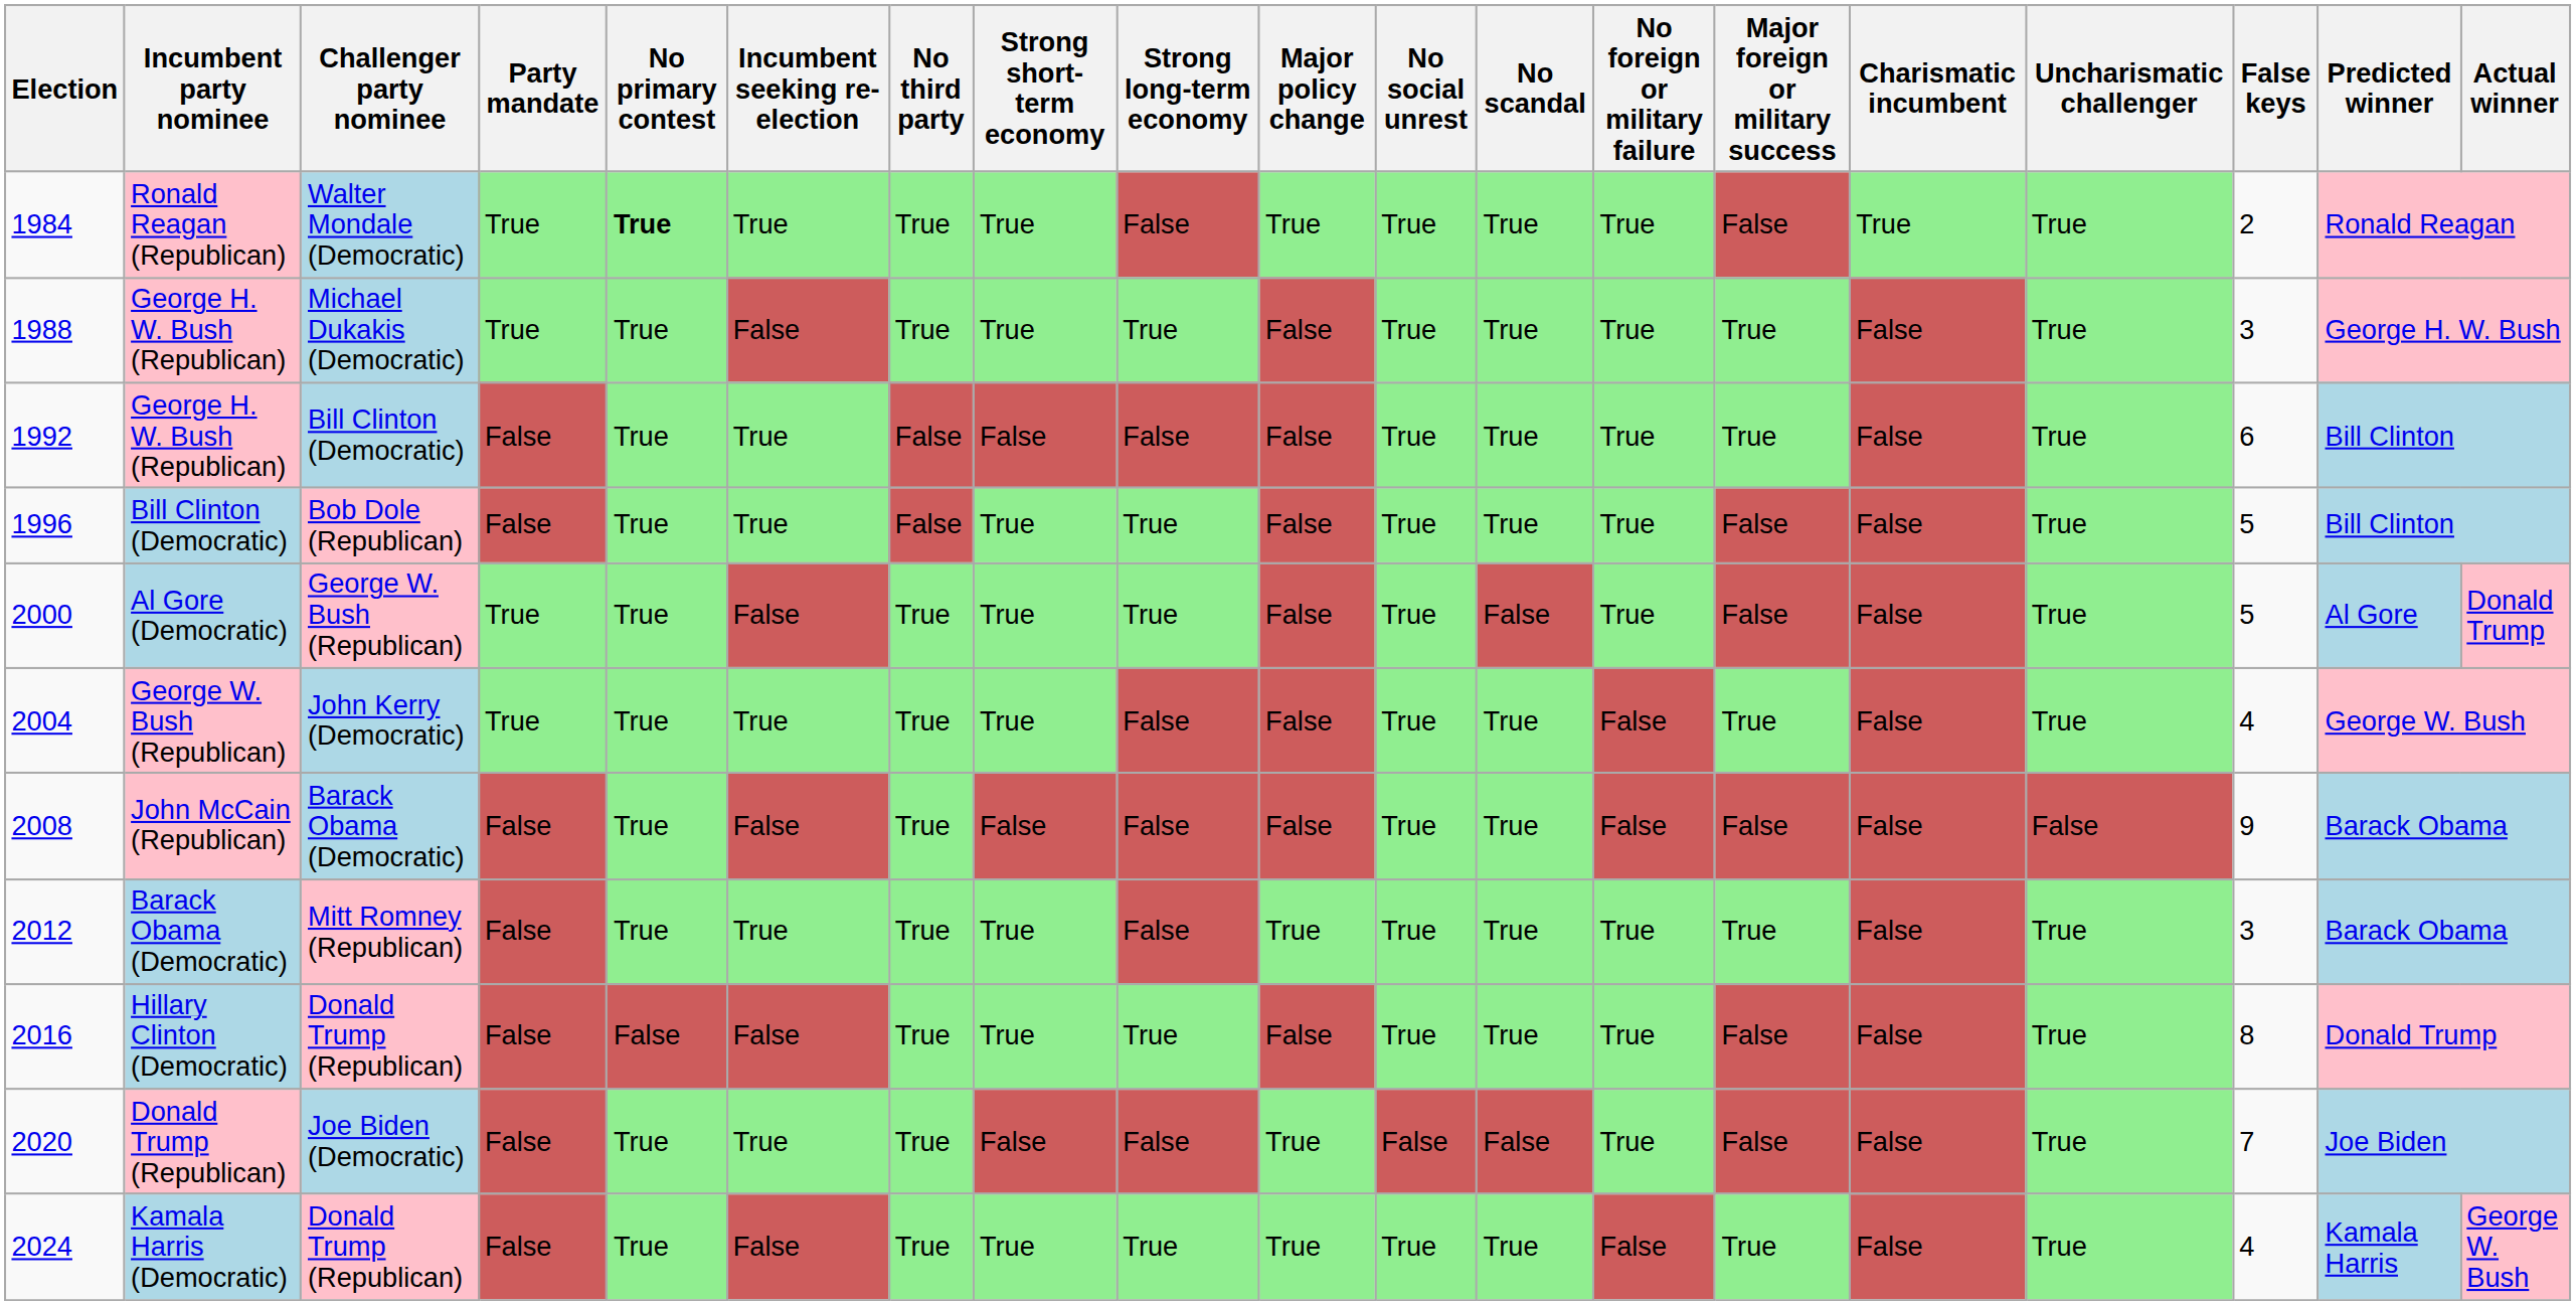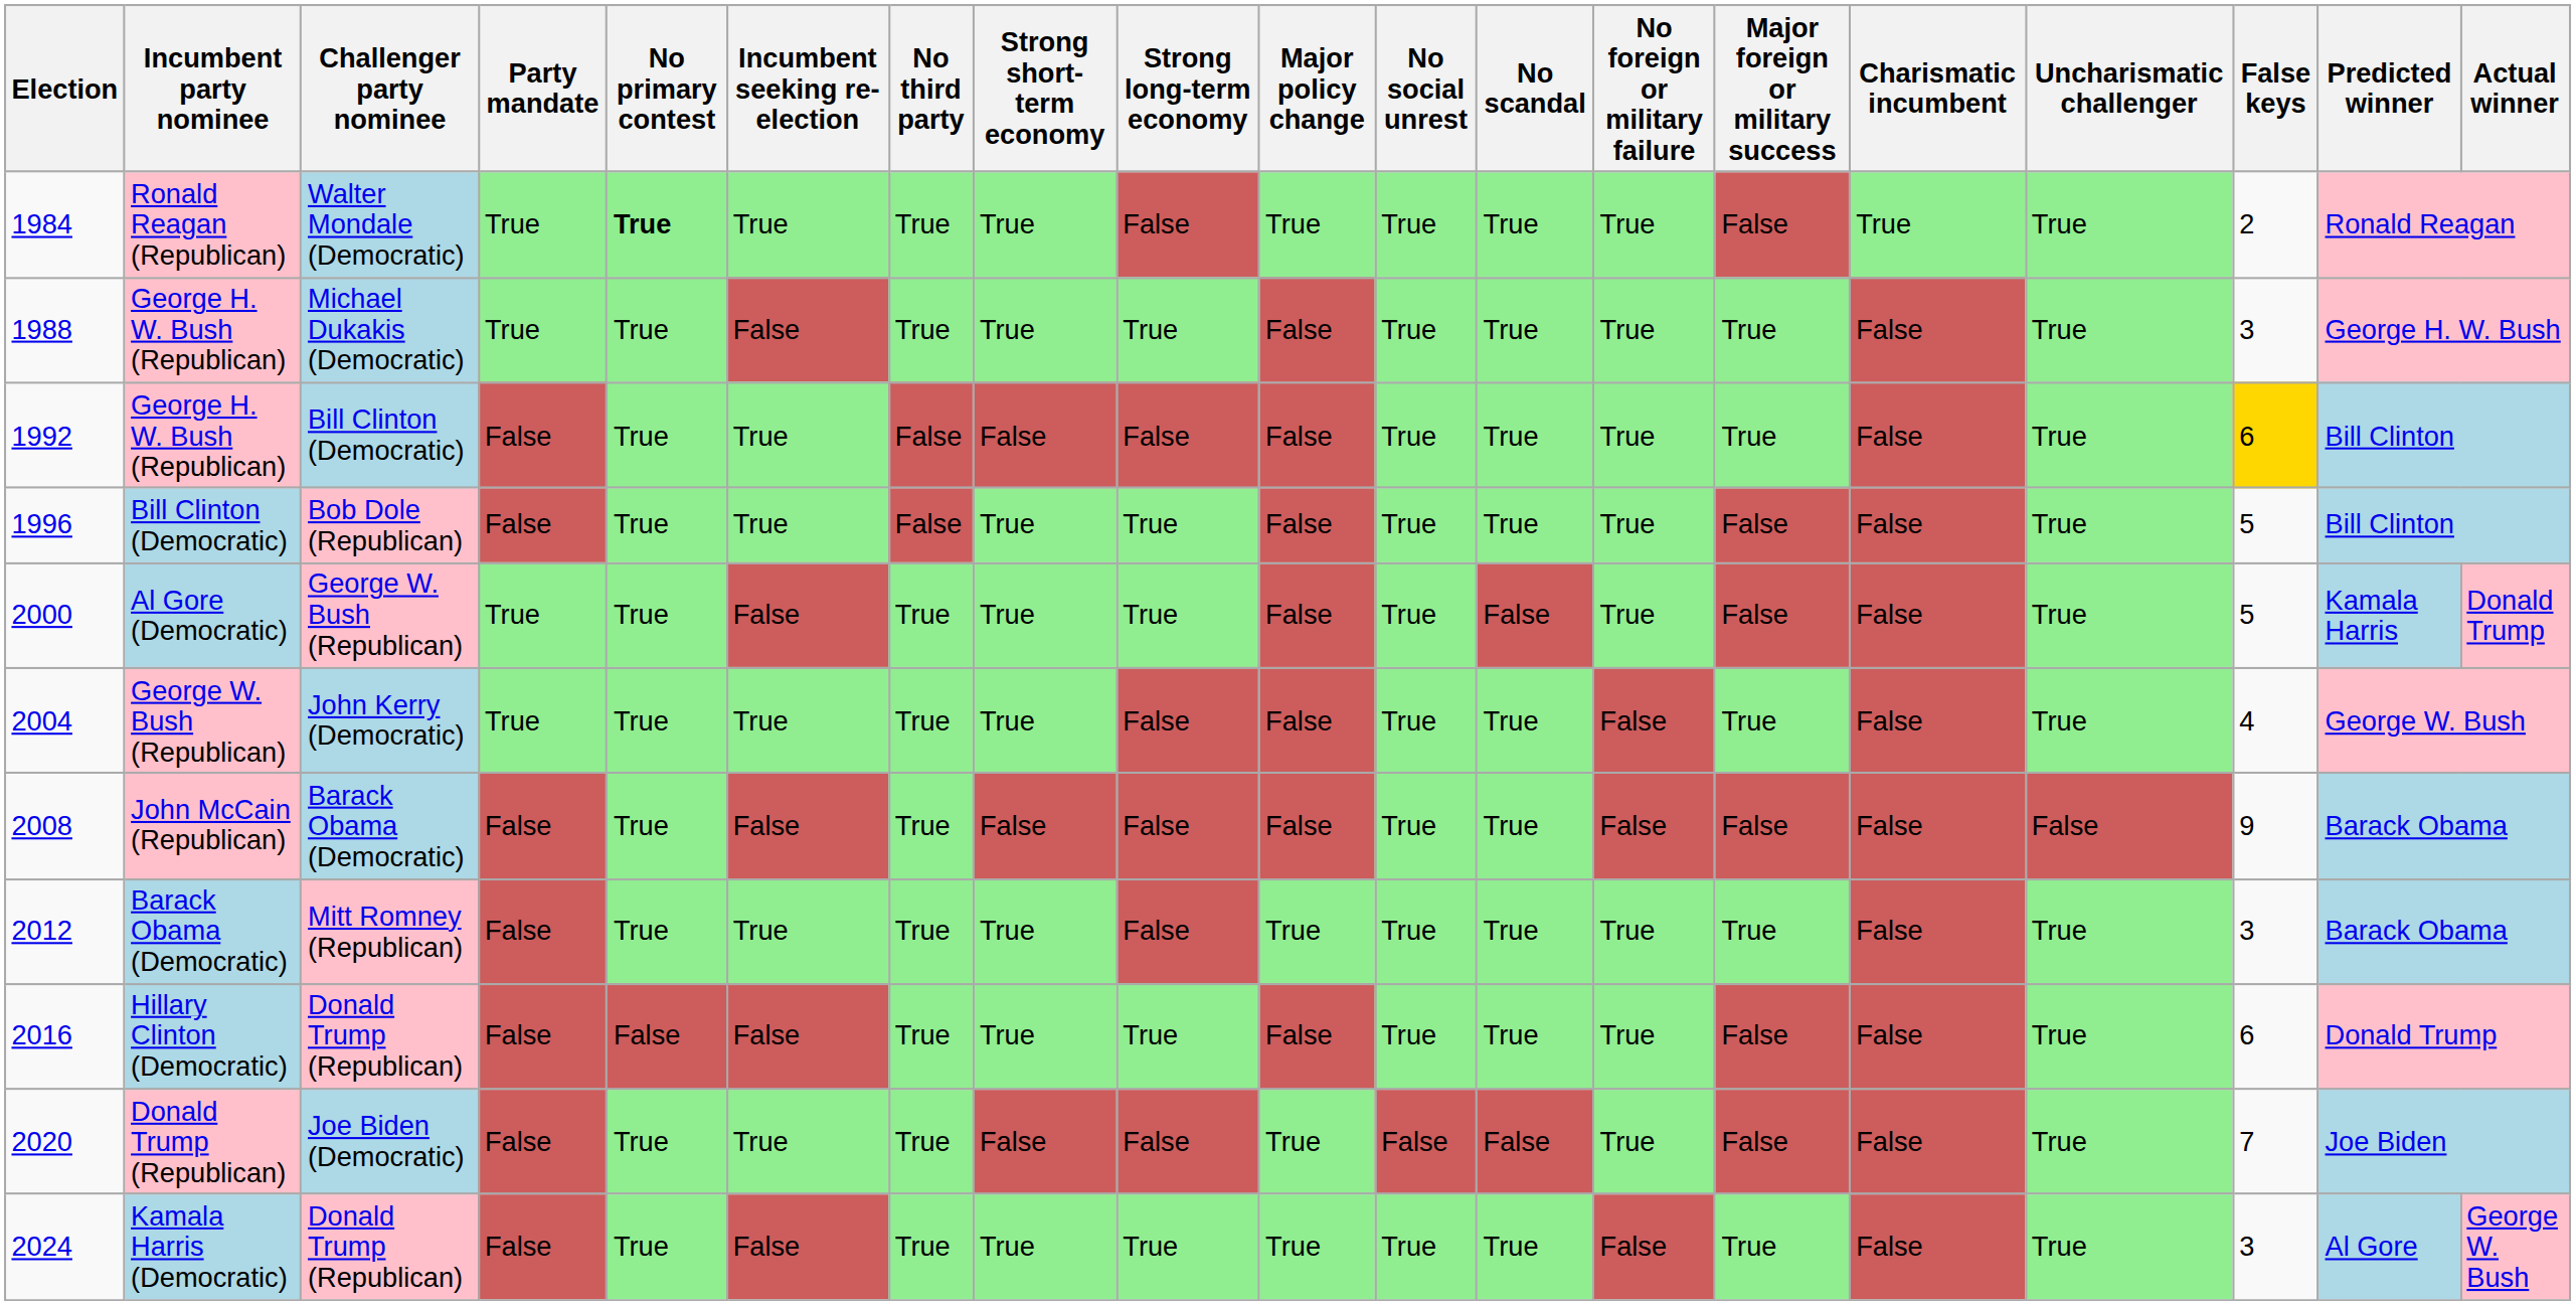 <table class="wikitable sticky-header" ; style="font-size: smaller;">
 <tr>
 <th><strong>Election</strong></th>
 <th>Incumbent party nominee</th>
 <th>Challenger party nominee</th>
 <th>Party mandate</th>
 <th>No primary contest</th>
 <th>Incumbent seeking re-election</th>
 <th>No third party</th>
 <th>Strong short-term economy</th>
 <th>Strong long-term economy</th>
 <th>Major policy change</th>
 <th>No social unrest</th>
 <th>No scandal</th>
 <th>No foreign or military failure</th>
 <th>Major foreign or military success</th>
 <th>Charismatic incumbent</th>
 <th>Uncharismatic challenger</th>
 <th>False keys</th>
 <th>Predicted winner</th>
 <th>Actual winner</th>
 </tr>
 <tr>
 <td><a href='#'>1984</a></td>
 <td style="background:pink;"><a href='#'>Ronald Reagan</a><br>(Republican)</td>
 <td style="background:lightblue;"><a href='#'>Walter Mondale</a><br>(Democratic)</td>
 <td style="background:lightgreen;">True</td>
 <td style="background:lightgreen;"><strong>True</strong></td>
 <td style="background:lightgreen;">True</td>
 <td style="background:lightgreen;">True</td>
 <td style="background:lightgreen;">True</td>
 <td style="background:indianred;">False</td>
 <td style="background:lightgreen;">True</td>
 <td style="background:lightgreen;">True</td>
 <td style="background:lightgreen;">True</td>
 <td style="background:lightgreen;">True</td>
 <td style="background:indianred;">False</td>
 <td style="background:lightgreen;">True</td>
 <td style="background:lightgreen;">True</td>
 <td>2</td>
 <td colspan="2" style="background:pink;"><a href='#'>Ronald Reagan</a></td>
 </tr>
 <tr>
 <td><a href='#'>1988</a></td>
 <td style="background:pink;"><a href='#'>George H. W. Bush</a><br>(Republican)</td>
 <td style="background:lightblue;"><a href='#'>Michael Dukakis</a><br>(Democratic)</td>
 <td style="background:lightgreen;">True</td>
 <td style="background:lightgreen;">True</td>
 <td style="background:indianred;">False</td>
 <td style="background:lightgreen;">True</td>
 <td style="background:lightgreen;">True</td>
 <td style="background:lightgreen;">True</td>
 <td style="background:indianred;">False</td>
 <td style="background:lightgreen;">True</td>
 <td style="background:lightgreen;">True</td>
 <td style="background:lightgreen;">True</td>
 <td style="background:lightgreen;">True</td>
 <td style="background:indianred;">False</td>
 <td style="background:lightgreen;">True</td>
 <td>3</td>
 <td colspan="2" style="background:pink;"><a href='#'>George H. W. Bush</a></td>
 </tr>
 <tr>
 <td><a href='#'>1992</a></td>
 <td style="background:pink;"><a href='#'>George H. W. Bush</a><br>(Republican)</td>
 <td style="background:lightblue;"><a href='#'>Bill Clinton</a><br>(Democratic)</td>
 <td style="background:indianred;">False</td>
 <td style="background:lightgreen;">True</td>
 <td style="background:lightgreen;">True</td>
 <td style="background:indianred;">False</td>
 <td style="background:indianred;">False</td>
 <td style="background:indianred;">False</td>
 <td style="background:indianred;">False</td>
 <td style="background:lightgreen;">True</td>
 <td style="background:lightgreen;">True</td>
 <td style="background:lightgreen;">True</td>
 <td style="background:lightgreen;">True</td>
 <td style="background:indianred;">False</td>
 <td style="background:lightgreen;">True</td>
-<td>6</td>
+<td style="background: gold;">6</td>
 <td colspan="2" style="background:lightblue;"><a href='#'>Bill Clinton</a></td>
 </tr>
 <tr>
 <td><a href='#'>1996</a></td>
 <td style="background:lightblue;"><a href='#'>Bill Clinton</a><br>(Democratic)</td>
 <td style="background:pink;"><a href='#'>Bob Dole</a><br>(Republican)</td>
 <td style="background:indianred;">False</td>
 <td style="background:lightgreen;">True</td>
 <td style="background:lightgreen;">True</td>
 <td style="background:indianred;">False</td>
 <td style="background:lightgreen;">True</td>
 <td style="background:lightgreen;">True</td>
 <td style="background:indianred;">False</td>
 <td style="background:lightgreen;">True</td>
 <td style="background:lightgreen;">True</td>
 <td style="background:lightgreen;">True</td>
 <td style="background:indianred;">False</td>
 <td style="background:indianred;">False</td>
 <td style="background:lightgreen;">True</td>
 <td>5</td>
 <td colspan="2" style="background:lightblue;"><a href='#'>Bill Clinton</a></td>
 </tr>
 <tr>
 <td><a href='#'>2000</a></td>
 <td style="background:lightblue;"><a href='#'>Al Gore</a><br>(Democratic)</td>
 <td style="background:pink;"><a href='#'>George W. Bush</a><br>(Republican)</td>
 <td style="background:lightgreen;">True</td>
 <td style="background:lightgreen;">True</td>
 <td style="background:indianred;">False</td>
 <td style="background:lightgreen;">True</td>
 <td style="background:lightgreen;">True</td>
 <td style="background:lightgreen;">True</td>
 <td style="background:indianred;">False</td>
 <td style="background:lightgreen;">True</td>
 <td style="background:indianred;">False</td>
 <td style="background:lightgreen;">True</td>
 <td style="background:indianred;">False</td>
 <td style="background:indianred;">False</td>
 <td style="background:lightgreen;">True</td>
 <td>5</td>
-<td style="background:lightblue;"><a href='#'>Al Gore</a></td>
+<td style="background:lightblue;"><a href='#'>Kamala Harris</a></td>
 <td style="background:pink;"><a href='#'>Donald Trump</a></td>
 </tr>
 <tr>
 <td><a href='#'>2004</a></td>
 <td style="background:pink;"><a href='#'>George W. Bush</a><br>(Republican)</td>
 <td style="background:lightblue;"><a href='#'>John Kerry</a><br>(Democratic)</td>
 <td style="background:lightgreen;">True</td>
 <td style="background:lightgreen;">True</td>
 <td style="background:lightgreen;">True</td>
 <td style="background:lightgreen;">True</td>
 <td style="background:lightgreen;">True</td>
 <td style="background:indianred;">False</td>
 <td style="background:indianred;">False</td>
 <td style="background:lightgreen;">True</td>
 <td style="background:lightgreen;">True</td>
 <td style="background:indianred;">False</td>
 <td style="background:lightgreen;">True</td>
 <td style="background:indianred;">False</td>
 <td style="background:lightgreen;">True</td>
 <td>4</td>
 <td style="background:pink;" colspan="2"><a href='#'>George W. Bush</a></td>
 </tr>
 <tr>
 <td><a href='#'>2008</a></td>
 <td style="background:pink;"><a href='#'>John McCain</a><br>(Republican)</td>
 <td style="background:lightblue;"><a href='#'>Barack Obama</a><br>(Democratic)</td>
 <td style="background:indianred;">False</td>
 <td style="background:lightgreen;">True</td>
 <td style="background:indianred;">False</td>
 <td style="background:lightgreen;">True</td>
 <td style="background:indianred;">False</td>
 <td style="background:indianred;">False</td>
 <td style="background:indianred;">False</td>
 <td style="background:lightgreen;">True</td>
 <td style="background:lightgreen;">True</td>
 <td style="background:indianred;">False</td>
 <td style="background:indianred;">False</td>
 <td style="background:indianred;">False</td>
 <td style="background:indianred;">False</td>
 <td>9</td>
 <td colspan="2" style="background:lightblue;"><a href='#'>Barack Obama</a></td>
 </tr>
 <tr>
 <td><a href='#'>2012</a></td>
 <td style="background:lightblue;"><a href='#'>Barack Obama</a><br>(Democratic)</td>
 <td style="background:pink;"><a href='#'>Mitt Romney</a><br>(Republican)</td>
 <td style="background:indianred;">False</td>
 <td style="background:lightgreen;">True</td>
 <td style="background:lightgreen;">True</td>
 <td style="background:lightgreen;">True</td>
 <td style="background:lightgreen;">True</td>
 <td style="background:indianred;">False</td>
 <td style="background:lightgreen;">True</td>
 <td style="background:lightgreen;">True</td>
 <td style="background:lightgreen;">True</td>
 <td style="background:lightgreen;">True</td>
 <td style="background:lightgreen;">True</td>
 <td style="background:indianred;">False</td>
 <td style="background:lightgreen;">True</td>
 <td>3</td>
 <td colspan="2" style="background:lightblue;"><a href='#'>Barack Obama</a></td>
 </tr>
 <tr>
 <td><a href='#'>2016</a></td>
 <td style="background:lightblue;"><a href='#'>Hillary Clinton</a><br>(Democratic)</td>
 <td style="background:pink;"><a href='#'>Donald Trump</a><br>(Republican)</td>
 <td style="background:indianred;">False</td>
 <td style="background:indianred;">False</td>
 <td style="background:indianred;">False</td>
 <td style="background:lightgreen;">True</td>
 <td style="background:lightgreen;">True</td>
 <td style="background:lightgreen;">True</td>
 <td style="background:indianred;">False</td>
 <td style="background:lightgreen;">True</td>
 <td style="background:lightgreen;">True</td>
 <td style="background:lightgreen;">True</td>
 <td style="background:indianred;">False</td>
 <td style="background:indianred;">False</td>
 <td style="background:lightgreen;">True</td>
-<td>8</td>
+<td>6</td>
 <td style="background:pink;" colspan="2"><a href='#'>Donald Trump</a></td>
 </tr>
 <tr>
 <td><a href='#'>2020</a></td>
 <td style="background:pink;"><a href='#'>Donald Trump</a><br>(Republican)</td>
 <td style="background:lightblue;"><a href='#'>Joe Biden</a><br>(Democratic)</td>
 <td style="background:indianred;">False</td>
 <td style="background:lightgreen;">True</td>
 <td style="background:lightgreen;">True</td>
 <td style="background:lightgreen;">True</td>
 <td style="background:indianred;">False</td>
 <td style="background:indianred;">False</td>
 <td style="background:lightgreen;">True</td>
 <td style="background:indianred;">False</td>
 <td style="background:indianred;">False</td>
 <td style="background:lightgreen;">True</td>
 <td style="background:indianred;">False</td>
 <td style="background:indianred;">False</td>
 <td style="background:lightgreen;">True</td>
 <td>7</td>
 <td colspan="2" style="background:lightblue;"><a href='#'>Joe Biden</a></td>
 </tr>
 <tr>
 <td><a href='#'>2024</a></td>
 <td style="background:lightblue;"><a href='#'>Kamala Harris</a><br>(Democratic)</td>
 <td style="background:pink;"><a href='#'>Donald Trump</a><br>(Republican)</td>
 <td style="background:indianred;">False</td>
 <td style="background:lightgreen;">True</td>
 <td style="background:indianred;">False</td>
 <td style="background:lightgreen;">True</td>
 <td style="background:lightgreen;">True</td>
 <td style="background:lightgreen;">True</td>
 <td style="background:lightgreen;">True</td>
 <td style="background:lightgreen;">True</td>
 <td style="background:lightgreen;">True</td>
 <td style="background:indianred;">False</td>
 <td style="background:lightgreen;">True</td>
 <td style="background:indianred;">False</td>
 <td style="background:lightgreen;">True</td>
-<td>4</td>
-<td style="background:lightblue;"><a href='#'>Kamala Harris</a></td>
+<td>3</td>
+<td style="background:lightblue;"><a href='#'>Al Gore</a></td>
 <td style="background:pink;"><a href='#'>George W. Bush</a></td>
 </tr>
 </table>
